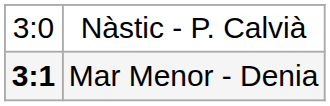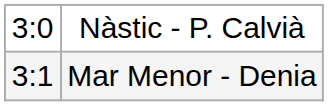 <table class="wikitable">
 <tr align=center bgcolor=white>
 <td>3:0</td>
 <td>Nàstic - P. Calvià</td>
 </tr>
 <tr align=center bgcolor=#F5F5F5>
-<td><strong>3:1</strong></td>
+<td>3:1</td>
 <td>Mar Menor - Denia</td>
 </tr>
 </table>
